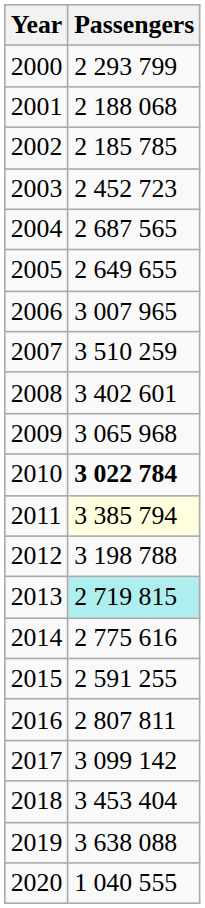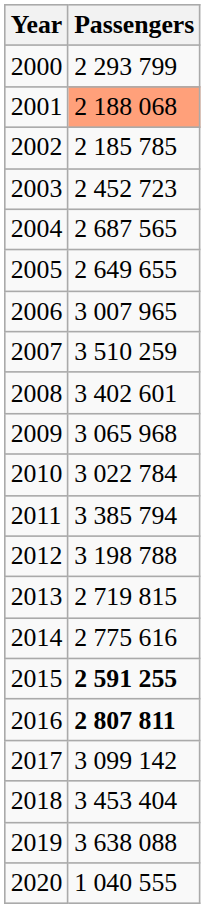 <table class="wikitable">
 <tr>
 <th>Year</th>
 <th>Passengers</th>
 </tr>
 <tr>
 <td>2000</td>
 <td>2 293 799</td>
 </tr>
 <tr>
 <td>2001</td>
-<td>2 188 068</td>
+<td style="background: lightsalmon;">2 188 068</td>
 </tr>
 <tr>
 <td>2002</td>
 <td>2 185 785</td>
 </tr>
 <tr>
 <td>2003</td>
 <td>2 452 723</td>
 </tr>
 <tr>
 <td>2004</td>
 <td>2 687 565</td>
 </tr>
 <tr>
 <td>2005</td>
 <td>2 649 655</td>
 </tr>
 <tr>
 <td>2006</td>
 <td>3 007 965</td>
 </tr>
 <tr>
 <td>2007</td>
 <td>3 510 259</td>
 </tr>
 <tr>
 <td>2008</td>
 <td>3 402 601</td>
 </tr>
 <tr>
 <td>2009</td>
 <td>3 065 968</td>
 </tr>
 <tr>
 <td>2010</td>
-<td><strong>3 022 784</strong></td>
+<td>3 022 784</td>
 </tr>
 <tr>
 <td>2011</td>
-<td style="background: lightyellow;">3 385 794</td>
+<td>3 385 794</td>
 </tr>
 <tr>
 <td>2012</td>
 <td>3 198 788</td>
 </tr>
 <tr>
 <td>2013</td>
-<td style="background: paleturquoise;">2 719 815</td>
+<td>2 719 815</td>
 </tr>
 <tr>
 <td>2014</td>
 <td>2 775 616</td>
 </tr>
 <tr>
 <td>2015</td>
-<td>2 591 255</td>
+<td><strong>2 591 255</strong></td>
 </tr>
 <tr>
 <td>2016</td>
-<td>2 807 811</td>
+<td><strong>2 807 811</strong></td>
 </tr>
 <tr>
 <td>2017</td>
 <td>3 099 142</td>
 </tr>
 <tr>
 <td>2018</td>
 <td>3 453 404</td>
 </tr>
 <tr>
 <td>2019</td>
 <td>3 638 088</td>
 </tr>
 <tr>
 <td>2020</td>
 <td>1 040 555</td>
 </tr>
 </table>
